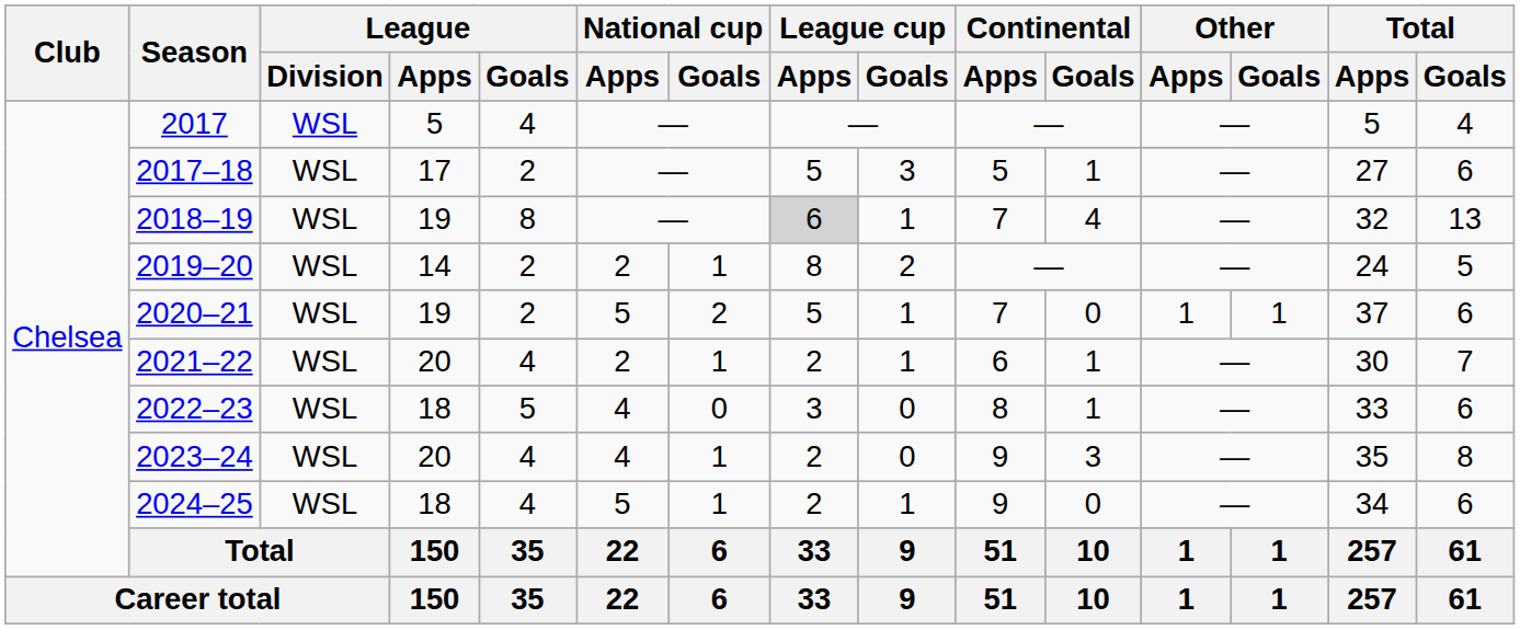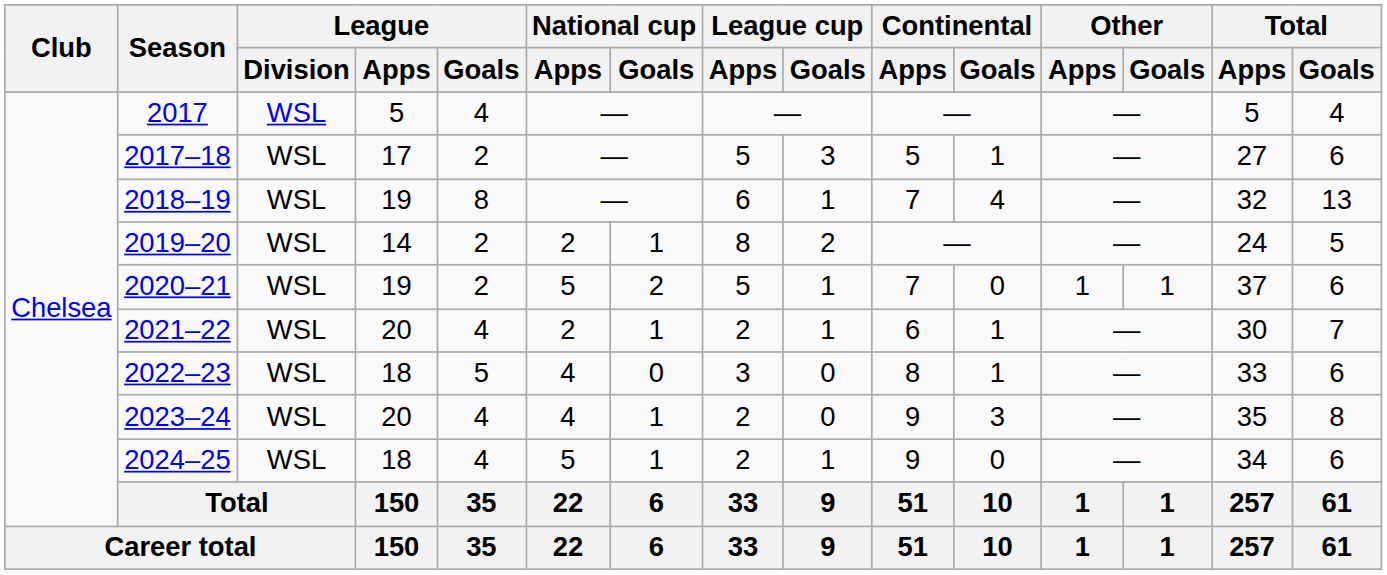 <table class="wikitable" style="text-align: center">
 <tr>
 <th rowspan="2">Club</th>
 <th rowspan="2">Season</th>
 <th colspan="3">League</th>
 <th colspan="2">National cup</th>
 <th colspan="2">League cup</th>
 <th colspan="2">Continental</th>
 <th colspan="2">Other</th>
 <th colspan="2">Total</th>
 </tr>
 <tr>
 <th>Division</th>
 <th>Apps</th>
 <th>Goals</th>
 <th>Apps</th>
 <th>Goals</th>
 <th>Apps</th>
 <th>Goals</th>
 <th>Apps</th>
 <th>Goals</th>
 <th>Apps</th>
 <th>Goals</th>
 <th>Apps</th>
 <th>Goals</th>
 </tr>
 <tr>
 <td rowspan="10"><a href='#'>Chelsea</a></td>
 <td><a href='#'>2017</a></td>
 <td><a href='#'>WSL</a></td>
 <td>5</td>
 <td>4</td>
 <td colspan="2">—</td>
 <td colspan="2">—</td>
 <td colspan="2">—</td>
 <td colspan="2">—</td>
 <td>5</td>
 <td>4</td>
 </tr>
 <tr>
 <td><a href='#'>2017–18</a></td>
 <td>WSL</td>
 <td>17</td>
 <td>2</td>
 <td colspan="2">—</td>
 <td>5</td>
 <td>3</td>
 <td>5</td>
 <td>1</td>
 <td colspan="2">—</td>
 <td>27</td>
 <td>6</td>
 </tr>
 <tr>
 <td><a href='#'>2018–19</a></td>
 <td>WSL</td>
 <td>19</td>
 <td>8</td>
 <td colspan="2">—</td>
-<td style="background: lightgrey;">6</td>
+<td>6</td>
 <td>1</td>
 <td>7</td>
 <td>4</td>
 <td colspan="2">—</td>
 <td>32</td>
 <td>13</td>
 </tr>
 <tr>
 <td><a href='#'>2019–20</a></td>
 <td>WSL</td>
 <td>14</td>
 <td>2</td>
 <td>2</td>
 <td>1</td>
 <td>8</td>
 <td>2</td>
 <td colspan="2">—</td>
 <td colspan="2">—</td>
 <td>24</td>
 <td>5</td>
 </tr>
 <tr>
 <td><a href='#'>2020–21</a></td>
 <td>WSL</td>
 <td>19</td>
 <td>2</td>
 <td>5</td>
 <td>2</td>
 <td>5</td>
 <td>1</td>
 <td>7</td>
 <td>0</td>
 <td>1</td>
 <td>1</td>
 <td>37</td>
 <td>6</td>
 </tr>
 <tr>
 <td><a href='#'>2021–22</a></td>
 <td>WSL</td>
 <td>20</td>
 <td>4</td>
 <td>2</td>
 <td>1</td>
 <td>2</td>
 <td>1</td>
 <td>6</td>
 <td>1</td>
 <td colspan="2">—</td>
 <td>30</td>
 <td>7</td>
 </tr>
 <tr>
 <td><a href='#'>2022–23</a></td>
 <td>WSL</td>
 <td>18</td>
 <td>5</td>
 <td>4</td>
 <td>0</td>
 <td>3</td>
 <td>0</td>
 <td>8</td>
 <td>1</td>
 <td colspan="2">—</td>
 <td>33</td>
 <td>6</td>
 </tr>
 <tr>
 <td><a href='#'>2023–24</a></td>
 <td>WSL</td>
 <td>20</td>
 <td>4</td>
 <td>4</td>
 <td>1</td>
 <td>2</td>
 <td>0</td>
 <td>9</td>
 <td>3</td>
 <td colspan="2">—</td>
 <td>35</td>
 <td>8</td>
 </tr>
 <tr>
 <td><a href='#'>2024–25</a></td>
 <td>WSL</td>
 <td>18</td>
 <td>4</td>
 <td>5</td>
 <td>1</td>
 <td>2</td>
 <td>1</td>
 <td>9</td>
 <td>0</td>
 <td colspan="2">—</td>
 <td>34</td>
 <td>6</td>
 </tr>
 <tr>
 <th colspan="2">Total</th>
 <th>150</th>
 <th>35</th>
 <th>22</th>
 <th>6</th>
 <th>33</th>
 <th>9</th>
 <th>51</th>
 <th>10</th>
 <th>1</th>
 <th>1</th>
 <th>257</th>
 <th>61</th>
 </tr>
 <tr>
 <th colspan="3">Career total</th>
 <th>150</th>
 <th>35</th>
 <th>22</th>
 <th>6</th>
 <th>33</th>
 <th>9</th>
 <th>51</th>
 <th>10</th>
 <th>1</th>
 <th>1</th>
 <th>257</th>
 <th>61</th>
 </tr>
 </table>
